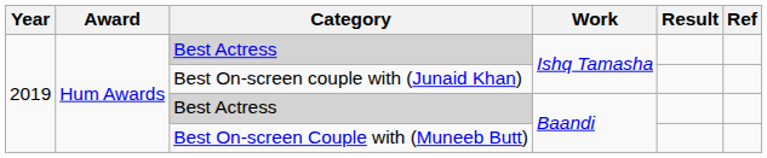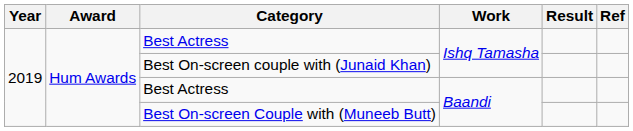 <table class="wikitable">
 <tr>
 <th>Year</th>
 <th>Award</th>
 <th>Category</th>
 <th>Work</th>
 <th>Result</th>
 <th>Ref</th>
 </tr>
 <tr>
 <td rowspan="4">2019</td>
 <td rowspan="4"><a href='#'>Hum Awards</a></td>
-<td style="background: lightgrey;"><a href='#'>Best Actress</a></td>
+<td><a href='#'>Best Actress</a></td>
 <td rowspan="2"><em><a href='#'>Ishq Tamasha</a></em></td>
 <td></td>
 <td></td>
 </tr>
 <tr>
 <td>Best On-screen couple with (<a href='#'>Junaid Khan</a>)</td>
 <td></td>
 <td></td>
 </tr>
 <tr>
-<td style="background: lightgrey;">Best Actress</td>
+<td>Best Actress</td>
 <td rowspan="2"><em><a href='#'>Baandi</a></em></td>
 <td></td>
 <td></td>
 </tr>
 <tr>
 <td><a href='#'>Best On-screen Couple</a> with (<a href='#'>Muneeb Butt</a>)</td>
 <td></td>
 <td></td>
 </tr>
 </table>
